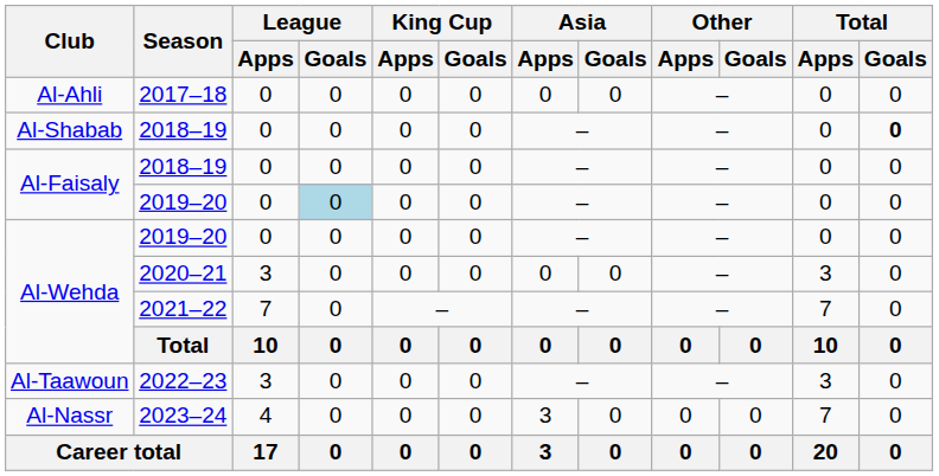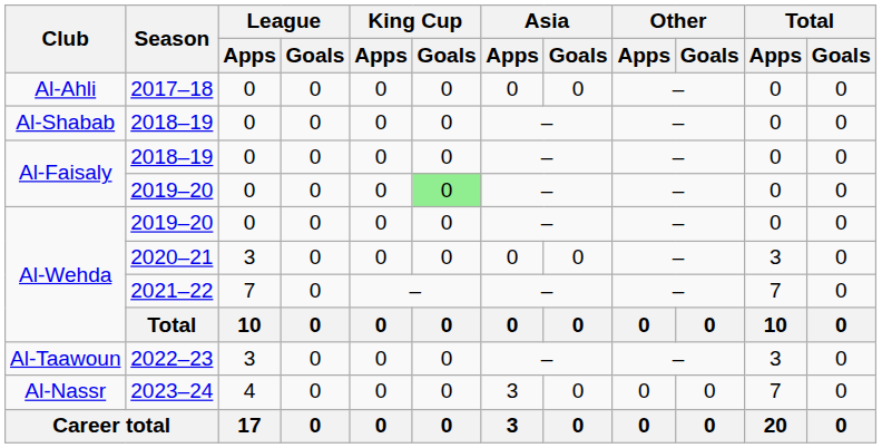 <table class="wikitable" style="text-align: center">
 <tr>
 <th rowspan=2>Club</th>
 <th rowspan=2>Season</th>
 <th colspan=2>League</th>
 <th colspan=2>King Cup</th>
 <th colspan=2>Asia</th>
 <th colspan=2>Other</th>
 <th colspan=2>Total</th>
 </tr>
 <tr>
 <th>Apps</th>
 <th>Goals</th>
 <th>Apps</th>
 <th>Goals</th>
 <th>Apps</th>
 <th>Goals</th>
 <th>Apps</th>
 <th>Goals</th>
 <th>Apps</th>
 <th>Goals</th>
 </tr>
 <tr>
 <td rowspan="1"><a href='#'>Al-Ahli</a></td>
 <td><a href='#'>2017–18</a></td>
 <td>0</td>
 <td>0</td>
 <td>0</td>
 <td>0</td>
 <td>0</td>
 <td>0</td>
 <td colspan="2">–</td>
 <td>0</td>
 <td>0</td>
 </tr>
 <tr>
 <td rowspan="1"><a href='#'>Al-Shabab</a></td>
 <td><a href='#'>2018–19</a></td>
 <td>0</td>
 <td>0</td>
 <td>0</td>
 <td>0</td>
 <td colspan="2">–</td>
 <td colspan="2">–</td>
 <td>0</td>
-<td><strong>0</strong></td>
+<td>0</td>
 </tr>
 <tr>
 <td rowspan="2"><a href='#'>Al-Faisaly</a></td>
 <td><a href='#'>2018–19</a></td>
 <td>0</td>
 <td>0</td>
 <td>0</td>
 <td>0</td>
 <td colspan="2">–</td>
 <td colspan="2">–</td>
 <td>0</td>
 <td>0</td>
 </tr>
 <tr>
 <td><a href='#'>2019–20</a></td>
 <td>0</td>
-<td style="background: lightblue;">0</td>
 <td>0</td>
 <td>0</td>
+<td style="background: lightgreen;">0</td>
 <td colspan="2">–</td>
 <td colspan="2">–</td>
 <td>0</td>
 <td>0</td>
 </tr>
 <tr>
 <td rowspan="4"><a href='#'>Al-Wehda</a></td>
 <td><a href='#'>2019–20</a></td>
 <td>0</td>
 <td>0</td>
 <td>0</td>
 <td>0</td>
 <td colspan="2">–</td>
 <td colspan="2">–</td>
 <td>0</td>
 <td>0</td>
 </tr>
 <tr>
 <td><a href='#'>2020–21</a></td>
 <td>3</td>
 <td>0</td>
 <td>0</td>
 <td>0</td>
 <td>0</td>
 <td>0</td>
 <td colspan="2">–</td>
 <td>3</td>
 <td>0</td>
 </tr>
 <tr>
 <td><a href='#'>2021–22</a></td>
 <td>7</td>
 <td>0</td>
 <td colspan="2">–</td>
 <td colspan="2">–</td>
 <td colspan="2">–</td>
 <td>7</td>
 <td>0</td>
 </tr>
 <tr>
 <th colspan="1">Total</th>
 <th>10</th>
 <th>0</th>
 <th>0</th>
 <th>0</th>
 <th>0</th>
 <th>0</th>
 <th>0</th>
 <th>0</th>
 <th>10</th>
 <th>0</th>
 </tr>
 <tr>
 <td rowspan="1"><a href='#'>Al-Taawoun</a></td>
 <td><a href='#'>2022–23</a></td>
 <td>3</td>
 <td>0</td>
 <td>0</td>
 <td>0</td>
 <td colspan="2">–</td>
 <td colspan="2">–</td>
 <td>3</td>
 <td>0</td>
 </tr>
 <tr>
 <td rowspan="1"><a href='#'>Al-Nassr</a></td>
 <td><a href='#'>2023–24</a></td>
 <td>4</td>
 <td>0</td>
 <td>0</td>
 <td>0</td>
 <td>3</td>
 <td>0</td>
 <td>0</td>
 <td>0</td>
 <td>7</td>
 <td>0</td>
 </tr>
 <tr>
 <th colspan="2">Career total</th>
 <th>17</th>
 <th>0</th>
 <th>0</th>
 <th>0</th>
 <th>3</th>
 <th>0</th>
 <th>0</th>
 <th>0</th>
 <th>20</th>
 <th>0</th>
 </tr>
 </table>
